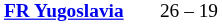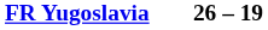 <table style="text-align:center">
 <tr>
 <th width=200></th>
 <th width=100></th>
 <th width=200></th>
 </tr>
 <tr>
 <td align=right><strong><a href='#'>FR Yugoslavia</a> </strong></td>
-<td>26 – 19</td>
+<td><strong>26 – 19</strong></td>
 <td align=left></td>
 </tr>
 </table>
